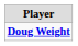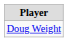 <table class="wikitable">
 <tr style="text-align:center; background:#ddd;">
 <td><strong>Player</strong></td>
 </tr>
 <tr>
-<td><strong><a href='#'>Doug Weight</a></strong></td>
+<td><a href='#'>Doug Weight</a></td>
 </tr>
 </table>
